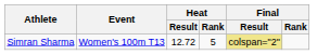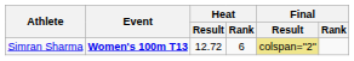 <table class=wikitable style="font-size:90%; text-align:center">
 <tr>
 <th rowspan="2">Athlete</th>
 <th rowspan="2">Event</th>
 <th colspan="2">Heat</th>
 <th colspan="2">Final</th>
 </tr>
 <tr style="font-size:95%">
 <th>Result</th>
 <th>Rank</th>
 <th>Result</th>
 <th>Rank</th>
 </tr>
 <tr>
 <td align=left><a href='#'>Simran Sharma</a></td>
-<td align=left><a href='#'>Women's 100m T13</a></td>
+<td align=left><strong><a href='#'>Women's 100m T13</a></strong></td>
 <td>12.72 </td>
-<td>5</td>
+<td>6</td>
 <td style="background: khaki;">colspan="2" </td>
 </tr>
 </table>
